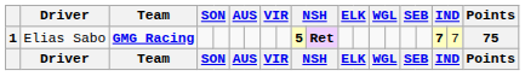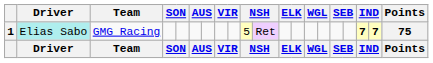 <table class="wikitable" style="font-size:85%; text-align:center;">
 <tr>
 <th></th>
 <th>Driver</th>
 <th>Team</th>
 <th colspan="2"><a href='#'>SON</a></th>
 <th colspan="2"><a href='#'>AUS</a></th>
 <th colspan="2"><a href='#'>VIR</a></th>
 <th colspan="2"><a href='#'>NSH</a></th>
 <th colspan="2"><a href='#'>ELK</a></th>
 <th colspan="2"><a href='#'>WGL</a></th>
 <th colspan="2"><a href='#'>SEB</a></th>
 <th colspan="2"><a href='#'>IND</a></th>
 <th>Points</th>
 </tr>
 <tr>
 <th>1</th>
-<td align="left"> Elias Sabo</td>
-<td align="left"><strong> <a href='#'>GMG Racing</a></strong></td>
+<td align="left" style="background: paleturquoise;"> Elias Sabo</td>
+<td align="left"> <a href='#'>GMG Racing</a></td>
 <td></td>
 <td></td>
 <td></td>
 <td></td>
 <td></td>
 <td></td>
-<td style="background:#ffffbf;"><strong>5</strong></td>
-<td style="background:#efcfff;"><strong>Ret</strong></td>
+<td style="background:#ffffbf;">5</td>
+<td style="background:#efcfff;">Ret</td>
 <td></td>
 <td></td>
 <td></td>
 <td></td>
 <td></td>
 <td></td>
 <td style="background:#ffffbf;"><strong>7</strong></td>
-<td style="background:#ffffbf;">7</td>
+<td style="background:#ffffbf;"><strong>7</strong></td>
 <th>75</th>
 </tr>
 <tr>
 <th></th>
 <th>Driver</th>
 <th>Team</th>
 <th colspan="2"><a href='#'>SON</a></th>
 <th colspan="2"><a href='#'>AUS</a></th>
 <th colspan="2"><a href='#'>VIR</a></th>
 <th colspan="2"><a href='#'>NSH</a></th>
 <th colspan="2"><a href='#'>ELK</a></th>
 <th colspan="2"><a href='#'>WGL</a></th>
 <th colspan="2"><a href='#'>SEB</a></th>
 <th colspan="2"><a href='#'>IND</a></th>
 <th>Points</th>
 </tr>
 </table>
